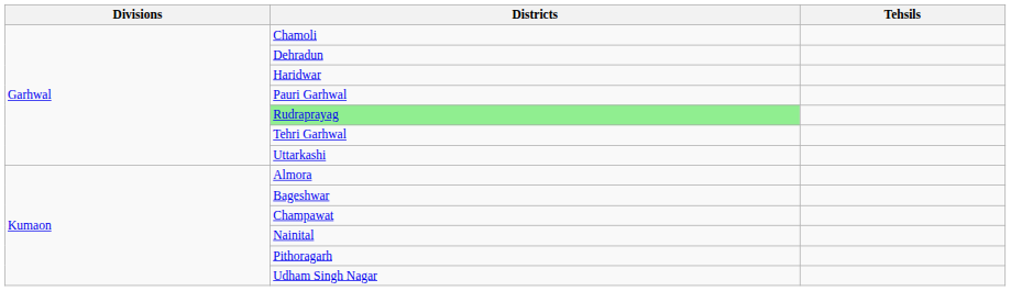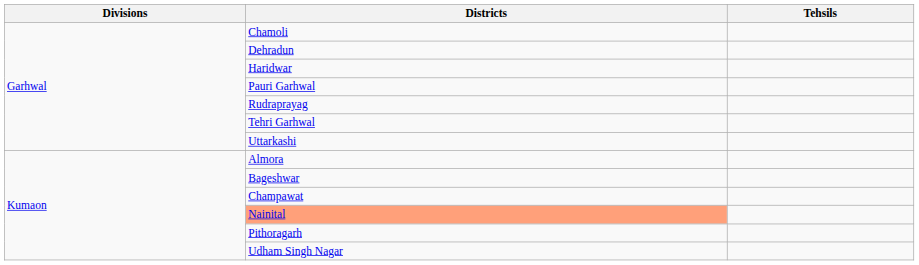 <table class="wikitable sortable" width=100%>
 <tr>
 <th>Divisions</th>
 <th>Districts</th>
 <th>Tehsils</th>
 </tr>
 <tr>
 <td rowspan=7><a href='#'>Garhwal</a></td>
 <td><a href='#'>Chamoli</a></td>
 <td></td>
 </tr>
 <tr>
 <td><a href='#'>Dehradun</a></td>
 <td></td>
 </tr>
 <tr>
 <td><a href='#'>Haridwar</a></td>
 <td></td>
 </tr>
 <tr>
 <td><a href='#'>Pauri Garhwal</a></td>
 <td></td>
 </tr>
 <tr>
-<td style="background: lightgreen;"><a href='#'>Rudraprayag</a></td>
+<td><a href='#'>Rudraprayag</a></td>
 <td></td>
 </tr>
 <tr>
 <td><a href='#'>Tehri Garhwal</a></td>
 <td></td>
 </tr>
 <tr>
 <td><a href='#'>Uttarkashi</a></td>
 <td></td>
 </tr>
 <tr>
 <td rowspan=6><a href='#'>Kumaon</a></td>
 <td><a href='#'>Almora</a></td>
 <td></td>
 </tr>
 <tr>
 <td><a href='#'>Bageshwar</a></td>
 <td></td>
 </tr>
 <tr>
 <td><a href='#'>Champawat</a></td>
 <td></td>
 </tr>
 <tr>
-<td><a href='#'>Nainital</a></td>
+<td style="background: lightsalmon;"><a href='#'>Nainital</a></td>
 <td></td>
 </tr>
 <tr>
 <td><a href='#'>Pithoragarh</a></td>
 <td></td>
 </tr>
 <tr>
 <td><a href='#'>Udham Singh Nagar</a></td>
 <td></td>
 </tr>
 </table>
